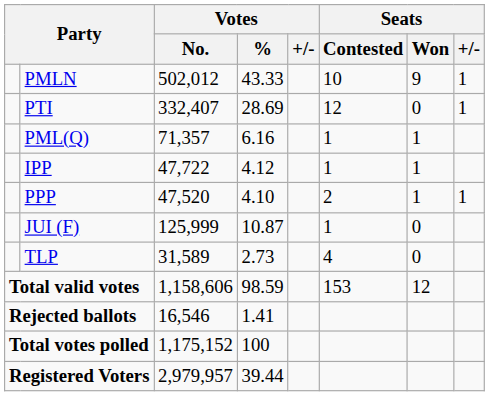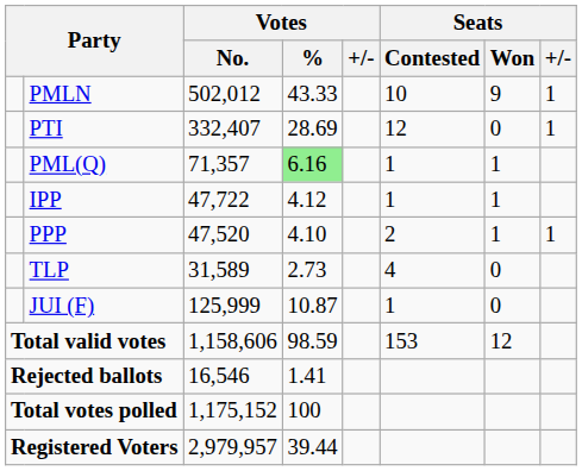 <table class="wikitable sortable">
 <tr>
 <th colspan="2" rowspan="2">Party</th>
 <th colspan="3">Votes</th>
 <th colspan="3">Seats</th>
 </tr>
 <tr>
 <th>No.</th>
 <th>%</th>
 <th>+/-</th>
 <th>Contested</th>
 <th>Won</th>
 <th><strong>+/-</strong></th>
 </tr>
 <tr>
 <td></td>
 <td><a href='#'>PMLN</a></td>
 <td>502,012</td>
 <td>43.33</td>
 <td></td>
 <td>10</td>
 <td>9</td>
 <td>1</td>
 </tr>
 <tr>
 <td></td>
 <td><a href='#'>PTI</a></td>
 <td>332,407</td>
 <td>28.69</td>
 <td></td>
 <td>12</td>
 <td>0</td>
 <td>1</td>
 </tr>
 <tr>
 <td></td>
 <td><a href='#'>PML(Q)</a></td>
 <td>71,357</td>
-<td>6.16</td>
+<td style="background: lightgreen;">6.16</td>
 <td></td>
 <td>1</td>
 <td>1</td>
 <td></td>
 </tr>
 <tr>
 <td></td>
 <td><a href='#'>IPP</a></td>
 <td>47,722</td>
 <td>4.12</td>
 <td></td>
 <td>1</td>
 <td>1</td>
 <td></td>
 </tr>
 <tr>
 <td></td>
 <td><a href='#'>PPP</a></td>
 <td>47,520</td>
 <td>4.10</td>
 <td></td>
 <td>2</td>
 <td>1</td>
 <td>1</td>
 </tr>
 <tr>
 <td></td>
+<td><a href='#'>TLP</a></td>
+<td>31,589</td>
+<td>2.73</td>
+<td></td>
+<td>4</td>
+<td>0</td>
+<td></td>
+</tr>
+<tr>
+<td></td>
 <td><a href='#'>JUI (F)</a></td>
 <td>125,999</td>
 <td>10.87</td>
 <td></td>
 <td>1</td>
-<td>0</td>
-<td></td>
-</tr>
-<tr>
-<td></td>
-<td><a href='#'>TLP</a></td>
-<td>31,589</td>
-<td>2.73</td>
-<td></td>
-<td>4</td>
 <td>0</td>
 <td></td>
 </tr>
 <tr>
 <td colspan="2"><strong>Total valid votes</strong></td>
 <td>1,158,606</td>
 <td>98.59</td>
 <td></td>
 <td>153</td>
 <td>12</td>
 <td></td>
 </tr>
 <tr>
 <td colspan="2"><strong>Rejected ballots</strong></td>
 <td>16,546</td>
 <td>1.41</td>
 <td></td>
 <td></td>
 <td></td>
 <td></td>
 </tr>
 <tr>
 <td colspan="2"><strong>Total votes polled</strong></td>
 <td>1,175,152</td>
 <td>100</td>
 <td></td>
 <td></td>
 <td></td>
 <td></td>
 </tr>
 <tr>
 <td colspan="2"><strong>Registered Voters</strong></td>
 <td>2,979,957</td>
 <td>39.44</td>
 <td></td>
 <td></td>
 <td></td>
 <td></td>
 </tr>
 </table>
